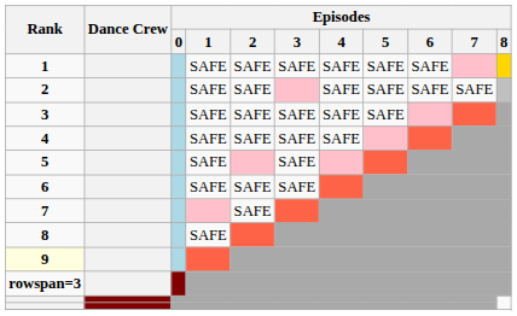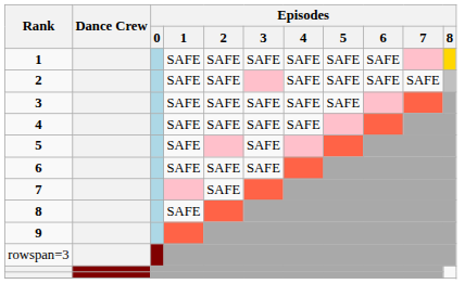 <table class="wikitable" style="text-align:center">
 <tr>
 <th rowspan=2>Rank</th>
 <th rowspan=2>Dance Crew</th>
 <th colspan="9">Episodes</th>
 </tr>
 <tr>
 <th>0</th>
 <th>1</th>
 <th>2</th>
 <th>3</th>
 <th>4</th>
 <th>5</th>
 <th>6</th>
 <th>7</th>
 <th>8</th>
 </tr>
 <tr>
 <td><strong>1</strong></td>
 <th><strong></strong></th>
 <td style="background:lightblue;"></td>
 <td>SAFE</td>
 <td>SAFE</td>
 <td>SAFE</td>
 <td>SAFE</td>
 <td>SAFE</td>
 <td>SAFE</td>
 <td style="background:pink;"></td>
 <td style="background:gold;"></td>
 </tr>
 <tr>
 <td><strong>2</strong></td>
 <th><strong></strong></th>
 <td style="background:lightblue;"></td>
 <td>SAFE</td>
 <td>SAFE</td>
 <td style="background:pink;"></td>
 <td>SAFE</td>
 <td>SAFE</td>
 <td>SAFE</td>
 <td>SAFE</td>
 <td style="background:silver;"></td>
 </tr>
 <tr>
 <td><strong>3</strong></td>
 <th><strong></strong></th>
 <td style="background:lightblue;"></td>
 <td>SAFE</td>
 <td>SAFE</td>
 <td>SAFE</td>
 <td>SAFE</td>
 <td>SAFE</td>
 <td style="background:pink;"></td>
 <td style="background:tomato;"></td>
 <td colspan=8 style="background:darkgrey;"></td>
 </tr>
 <tr>
 <td><strong>4</strong></td>
 <th><strong></strong></th>
 <td style="background:lightblue;"></td>
 <td>SAFE</td>
 <td>SAFE</td>
 <td>SAFE</td>
 <td>SAFE</td>
 <td style="background:pink;"></td>
 <td style="background:tomato;"></td>
 <td colspan=8 style="background:darkgrey;"></td>
 </tr>
 <tr>
 <td><strong>5</strong></td>
 <th><strong></strong></th>
 <td style="background:lightblue;"></td>
 <td>SAFE</td>
 <td style="background:pink;"></td>
 <td>SAFE</td>
 <td style="background:pink;"></td>
 <td style="background:tomato;"></td>
 <td colspan=8 style="background:darkgrey;"></td>
 </tr>
 <tr>
 <td><strong>6</strong></td>
 <th><strong></strong></th>
 <td style="background:lightblue;"></td>
 <td>SAFE</td>
 <td>SAFE</td>
 <td>SAFE</td>
 <td style="background:tomato;"></td>
 <td colspan=8 style="background:darkgrey;"></td>
 </tr>
 <tr>
 <td><strong>7</strong></td>
 <th><strong></strong></th>
 <td style="background:lightblue;"></td>
 <td style="background:pink;"></td>
 <td>SAFE</td>
 <td style="background:tomato;"></td>
 <td colspan=8 style="background:darkgrey;"></td>
 </tr>
 <tr>
 <td><strong>8</strong></td>
 <th><strong></strong></th>
 <td style="background:lightblue;"></td>
 <td>SAFE</td>
 <td style="background:tomato;"></td>
 <td colspan=8 style="background:darkgrey;"></td>
 </tr>
 <tr>
-<td style="background: lightyellow;"><strong>9</strong></td>
+<td><strong>9</strong></td>
 <th><strong></strong></th>
 <td style="background:lightblue;"></td>
 <td style="background:tomato;"></td>
 <td colspan=8 style="background:darkgrey;"></td>
 </tr>
 <tr>
-<td><strong>rowspan=3 </strong></td>
+<td>rowspan=3 </td>
 <th><strong></strong></th>
 <td style="background:maroon;"></td>
 <td colspan=8 style="background:darkgrey;"></td>
 </tr>
 <tr>
 <th><strong></strong></th>
 <td style="background:maroon;"></td>
 <td colspan=8 style="background:darkgrey;"></td>
 </tr>
 <tr>
 <th><strong></strong></th>
 <td style="background:maroon;"></td>
 <td colspan=8 style="background:darkgrey;"></td>
 </tr>
 <tr>
 </tr>
 </table>
